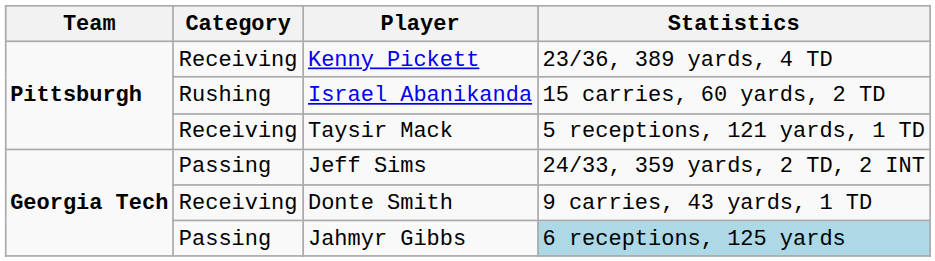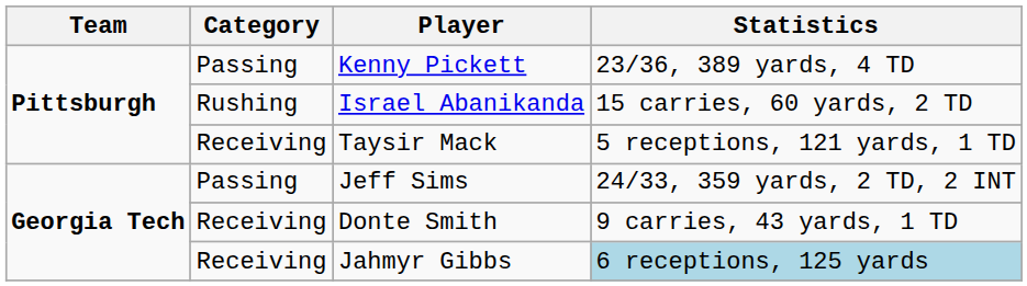 <table class="wikitable" style="float: right;">
 <tr>
 <th>Team</th>
 <th>Category</th>
 <th>Player</th>
 <th>Statistics</th>
 </tr>
 <tr>
 <td rowspan=3><strong>Pittsburgh</strong></td>
-<td>Receiving</td>
+<td>Passing</td>
 <td><a href='#'>Kenny Pickett</a></td>
 <td>23/36, 389 yards, 4 TD</td>
 </tr>
 <tr>
 <td>Rushing</td>
 <td><a href='#'>Israel Abanikanda</a></td>
 <td>15 carries, 60 yards, 2 TD</td>
 </tr>
 <tr>
 <td>Receiving</td>
 <td>Taysir Mack</td>
 <td>5 receptions, 121 yards, 1 TD</td>
 </tr>
 <tr>
 <td rowspan=3><strong>Georgia Tech</strong></td>
 <td>Passing</td>
 <td>Jeff Sims</td>
 <td>24/33, 359 yards, 2 TD, 2 INT</td>
 </tr>
 <tr>
 <td>Receiving</td>
 <td>Donte Smith</td>
 <td>9 carries, 43 yards, 1 TD</td>
 </tr>
 <tr>
-<td>Passing</td>
+<td>Receiving</td>
 <td>Jahmyr Gibbs</td>
 <td style="background: lightblue;">6 receptions, 125 yards</td>
 </tr>
 </table>
